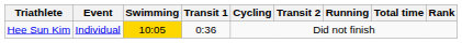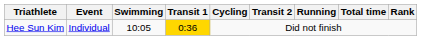 <table class="wikitable" border="1">
 <tr>
 <th>Triathlete</th>
 <th>Event</th>
 <th>Swimming</th>
 <th>Transit 1</th>
 <th>Cycling</th>
 <th>Transit 2</th>
 <th>Running</th>
 <th>Total time</th>
 <th>Rank</th>
 </tr>
 <tr>
 <td><a href='#'>Hee Sun Kim</a></td>
 <td><a href='#'>Individual</a></td>
-<td align=center style="background: gold;">10:05</td>
-<td align=center>0:36</td>
+<td align=center>10:05</td>
+<td align=center style="background: gold;">0:36</td>
 <td align=center colspan=5>Did not finish</td>
 </tr>
 </table>
